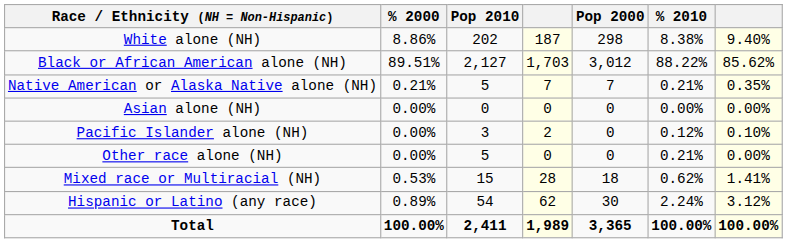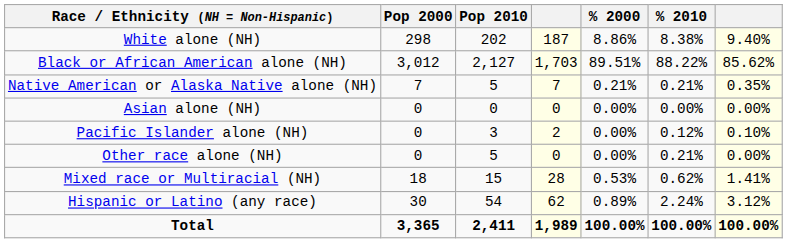 <table class="wikitable" style="text-align:center;">
 <tr>
 <th>Race / Ethnicity <small>(<em>NH = Non-Hispanic</em>)</small></th>
-<th>% 2000</th>
+<th>Pop 2000</th>
 <th>Pop 2010</th>
 <th></th>
-<th>Pop 2000</th>
+<th>% 2000</th>
 <th>% 2010</th>
 <th></th>
 </tr>
 <tr>
 <td><a href='#'>White</a> alone (NH)</td>
-<td>8.86%</td>
+<td>298</td>
 <td>202</td>
 <td style='background: #ffffe6;'>187</td>
-<td>298</td>
+<td>8.86%</td>
 <td>8.38%</td>
 <td style='background: #ffffe6;'>9.40%</td>
 </tr>
 <tr>
 <td><a href='#'>Black or African American</a> alone (NH)</td>
-<td>89.51%</td>
+<td>3,012</td>
 <td>2,127</td>
 <td style='background: #ffffe6;'>1,703</td>
-<td>3,012</td>
+<td>89.51%</td>
 <td>88.22%</td>
 <td style='background: #ffffe6;'>85.62%</td>
 </tr>
 <tr>
 <td><a href='#'>Native American</a> or <a href='#'>Alaska Native</a> alone (NH)</td>
-<td>0.21%</td>
+<td>7</td>
 <td>5</td>
 <td style='background: #ffffe6;'>7</td>
-<td>7</td>
+<td>0.21%</td>
 <td>0.21%</td>
 <td style='background: #ffffe6;'>0.35%</td>
 </tr>
 <tr>
 <td><a href='#'>Asian</a> alone (NH)</td>
-<td>0.00%</td>
+<td>0</td>
 <td>0</td>
 <td style='background: #ffffe6;'>0</td>
-<td>0</td>
+<td>0.00%</td>
 <td>0.00%</td>
 <td style='background: #ffffe6;'>0.00%</td>
 </tr>
 <tr>
 <td><a href='#'>Pacific Islander</a> alone (NH)</td>
-<td>0.00%</td>
+<td>0</td>
 <td>3</td>
 <td style='background: #ffffe6;'>2</td>
-<td>0</td>
+<td>0.00%</td>
 <td>0.12%</td>
 <td style='background: #ffffe6;'>0.10%</td>
 </tr>
 <tr>
 <td><a href='#'>Other race</a> alone (NH)</td>
-<td>0.00%</td>
+<td>0</td>
 <td>5</td>
 <td style='background: #ffffe6;'>0</td>
-<td>0</td>
+<td>0.00%</td>
 <td>0.21%</td>
 <td style='background: #ffffe6;'>0.00%</td>
 </tr>
 <tr>
 <td><a href='#'>Mixed race or Multiracial</a> (NH)</td>
-<td>0.53%</td>
+<td>18</td>
 <td>15</td>
 <td style='background: #ffffe6;'>28</td>
-<td>18</td>
+<td>0.53%</td>
 <td>0.62%</td>
 <td style='background: #ffffe6;'>1.41%</td>
 </tr>
 <tr>
 <td><a href='#'>Hispanic or Latino</a> (any race)</td>
-<td>0.89%</td>
+<td>30</td>
 <td>54</td>
 <td style='background: #ffffe6;'>62</td>
-<td>30</td>
+<td>0.89%</td>
 <td>2.24%</td>
 <td style='background: #ffffe6;'>3.12%</td>
 </tr>
 <tr>
 <td><strong>Total</strong></td>
-<td><strong>100.00%</strong></td>
+<td><strong>3,365</strong></td>
 <td><strong>2,411</strong></td>
 <td style='background: #ffffe6;'><strong>1,989</strong></td>
-<td><strong>3,365</strong></td>
+<td><strong>100.00%</strong></td>
 <td><strong>100.00%</strong></td>
 <td style='background: #ffffe6;'><strong>100.00%</strong></td>
 </tr>
 </table>
